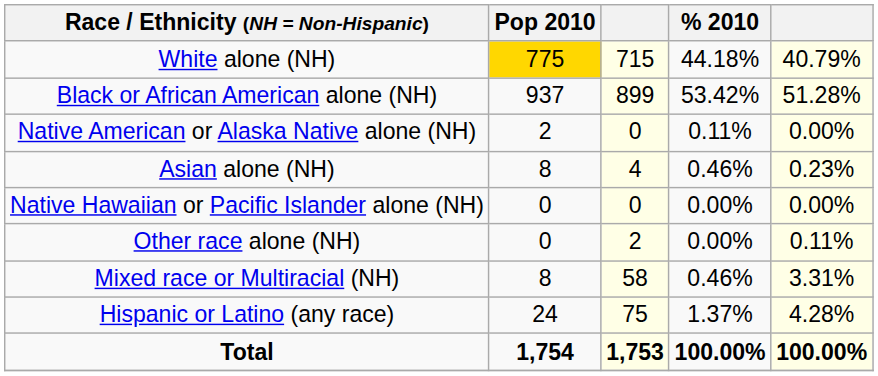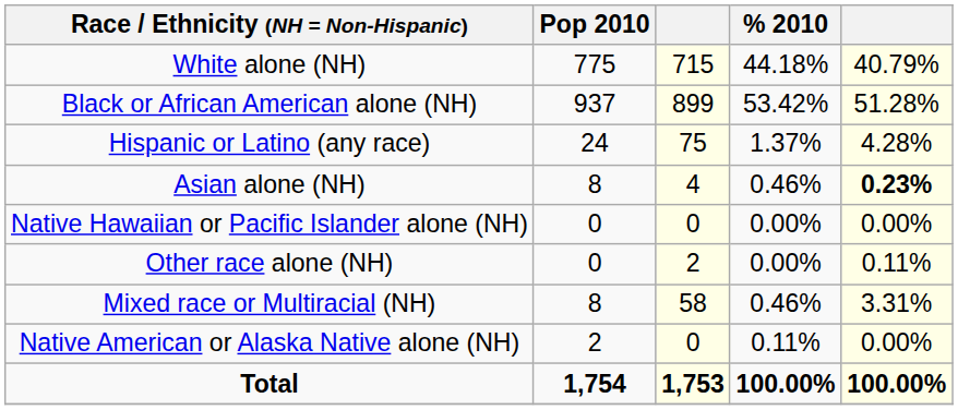 <table class="wikitable" style="text-align:center;">
 <tr>
 <th>Race / Ethnicity <small>(<em>NH = Non-Hispanic</em>)</small></th>
 <th>Pop 2010</th>
 <th></th>
 <th>% 2010</th>
 <th></th>
 </tr>
 <tr>
 <td><a href='#'>White</a> alone (NH)</td>
-<td style="background: gold;">775</td>
+<td>775</td>
 <td style='background: #ffffe6;'>715</td>
 <td>44.18%</td>
 <td style='background: #ffffe6;'>40.79%</td>
 </tr>
 <tr>
 <td><a href='#'>Black or African American</a> alone (NH)</td>
 <td>937</td>
 <td style='background: #ffffe6;'>899</td>
 <td>53.42%</td>
 <td style='background: #ffffe6;'>51.28%</td>
 </tr>
 <tr>
-<td><a href='#'>Native American</a> or <a href='#'>Alaska Native</a> alone (NH)</td>
-<td>2</td>
-<td style='background: #ffffe6;'>0</td>
-<td>0.11%</td>
-<td style='background: #ffffe6;'>0.00%</td>
+<td><a href='#'>Hispanic or Latino</a> (any race)</td>
+<td>24</td>
+<td style='background: #ffffe6;'>75</td>
+<td>1.37%</td>
+<td style='background: #ffffe6;'>4.28%</td>
 </tr>
 <tr>
 <td><a href='#'>Asian</a> alone (NH)</td>
 <td>8</td>
 <td style='background: #ffffe6;'>4</td>
 <td>0.46%</td>
-<td style='background: #ffffe6;'>0.23%</td>
+<td style='background: #ffffe6;'><strong>0.23%</strong></td>
 </tr>
 <tr>
 <td><a href='#'>Native Hawaiian</a> or <a href='#'>Pacific Islander</a> alone (NH)</td>
 <td>0</td>
 <td style='background: #ffffe6;'>0</td>
 <td>0.00%</td>
 <td style='background: #ffffe6;'>0.00%</td>
 </tr>
 <tr>
 <td><a href='#'>Other race</a> alone (NH)</td>
 <td>0</td>
 <td style='background: #ffffe6;'>2</td>
 <td>0.00%</td>
 <td style='background: #ffffe6;'>0.11%</td>
 </tr>
 <tr>
 <td><a href='#'>Mixed race or Multiracial</a> (NH)</td>
 <td>8</td>
 <td style='background: #ffffe6;'>58</td>
 <td>0.46%</td>
 <td style='background: #ffffe6;'>3.31%</td>
 </tr>
 <tr>
-<td><a href='#'>Hispanic or Latino</a> (any race)</td>
-<td>24</td>
-<td style='background: #ffffe6;'>75</td>
-<td>1.37%</td>
-<td style='background: #ffffe6;'>4.28%</td>
+<td><a href='#'>Native American</a> or <a href='#'>Alaska Native</a> alone (NH)</td>
+<td>2</td>
+<td style='background: #ffffe6;'>0</td>
+<td>0.11%</td>
+<td style='background: #ffffe6;'>0.00%</td>
 </tr>
 <tr>
 <td><strong>Total</strong></td>
 <td><strong>1,754</strong></td>
 <td style='background: #ffffe6;'><strong>1,753</strong></td>
 <td><strong>100.00%</strong></td>
 <td style='background: #ffffe6;'><strong>100.00%</strong></td>
 </tr>
 <tr>
 </tr>
 </table>
